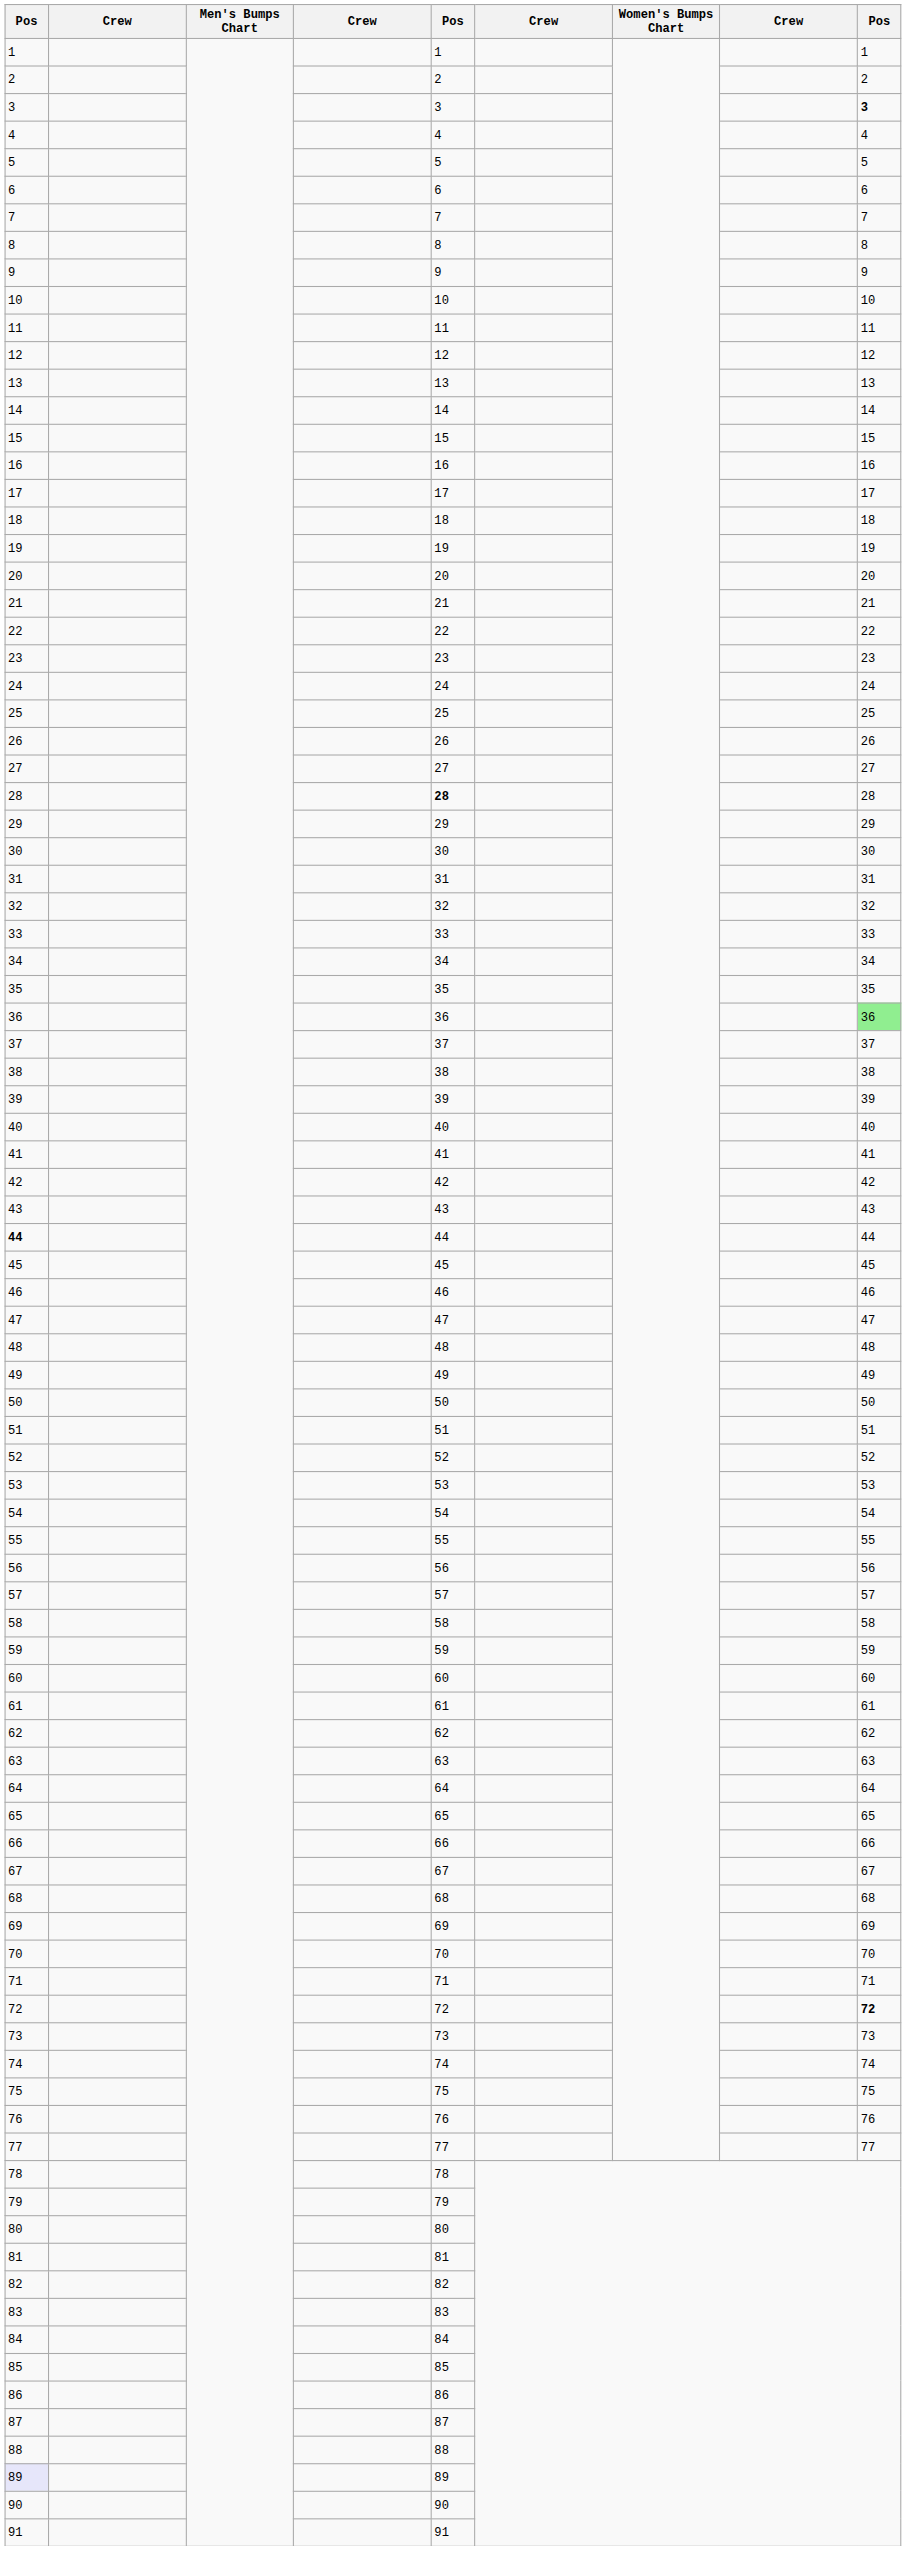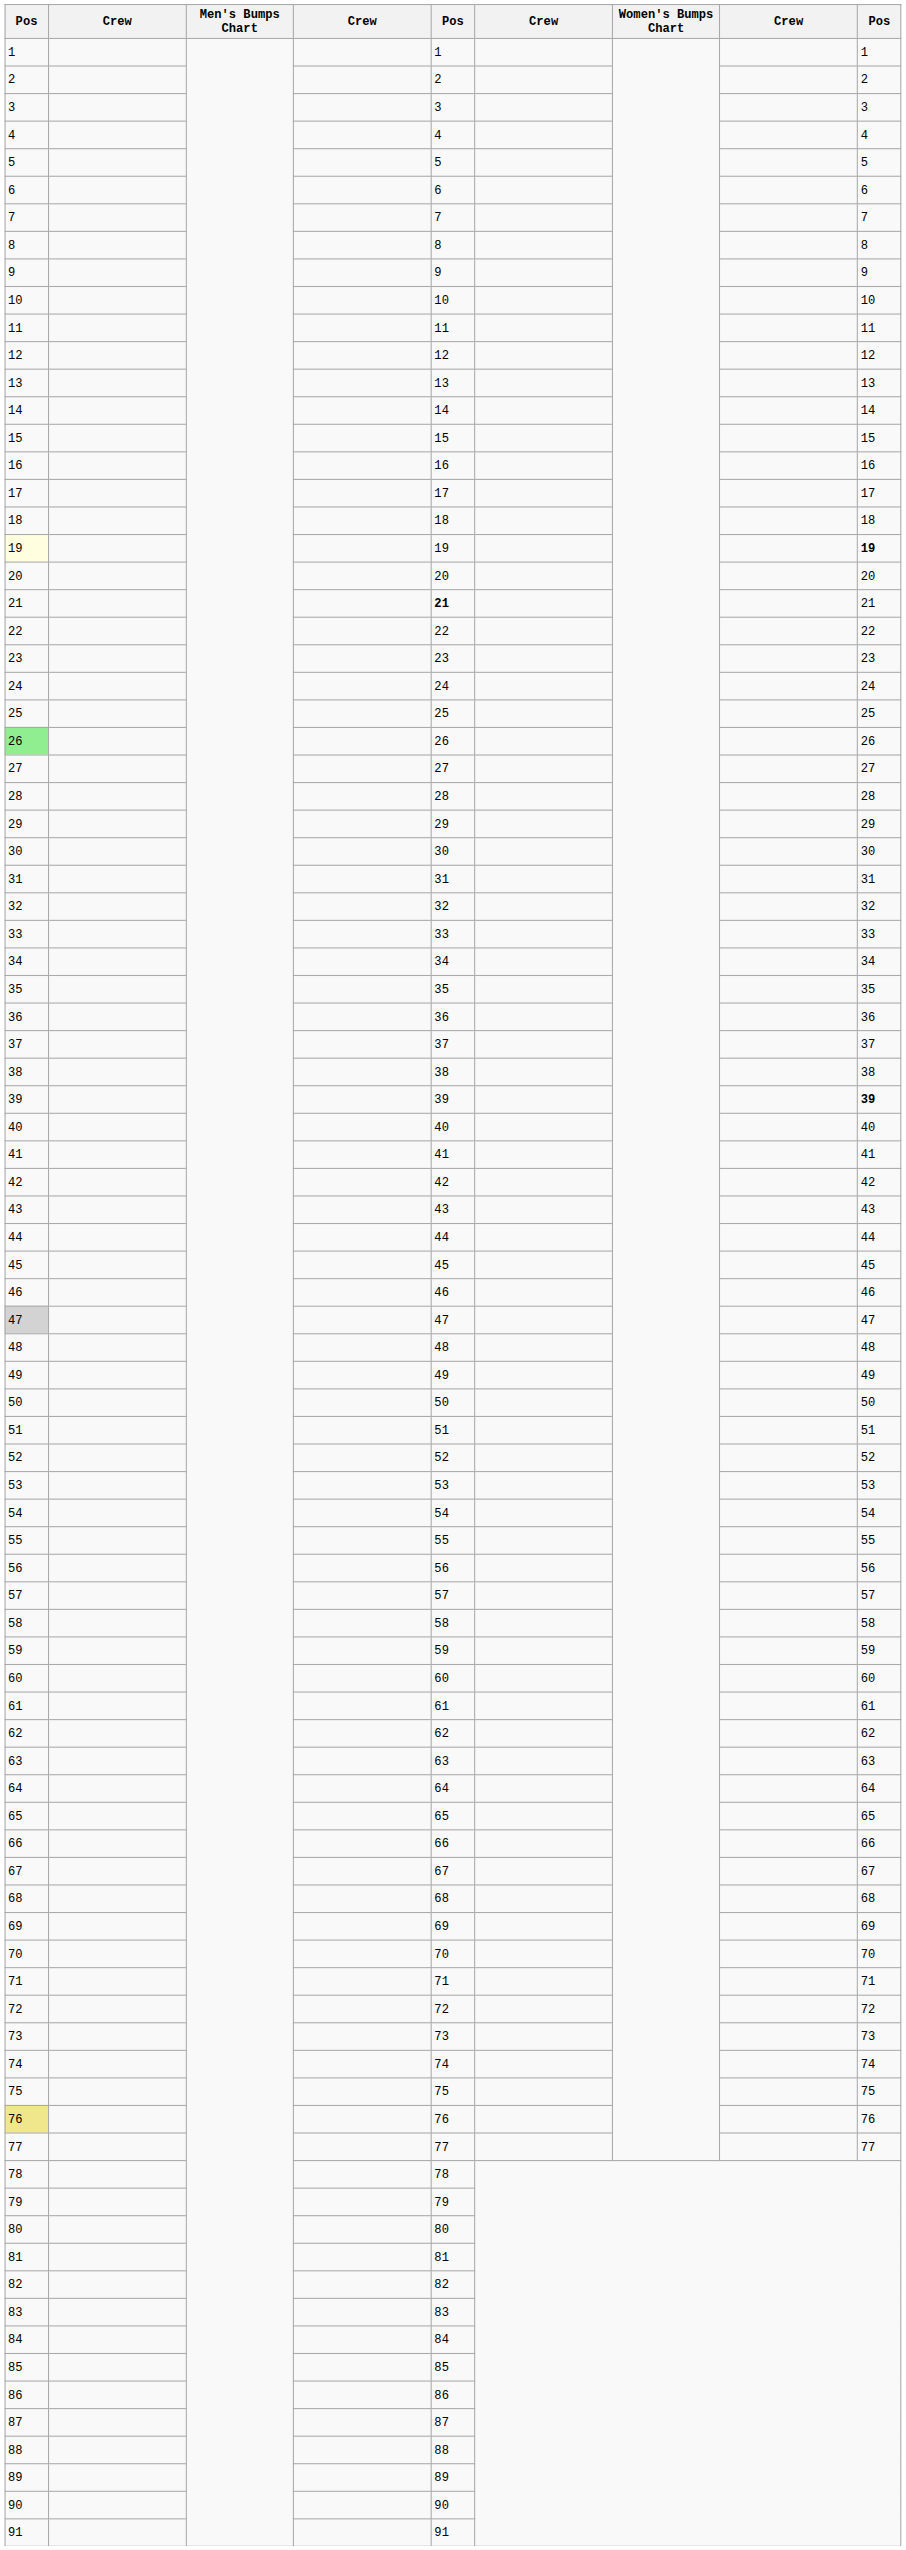 <table class="wikitable" style="font-size:88%; white-space:nowrap; margin:0.5em auto">
 <tr style="white-space:normal">
 <th width=35>Pos</th>
 <th width=125>Crew</th>
 <th width=95>Men's Bumps Chart</th>
 <th width=125>Crew</th>
 <th width=35>Pos</th>
 <th width=125>Crew</th>
 <th width=95>Women's Bumps Chart</th>
 <th width=125>Crew</th>
 <th width=35>Pos</th>
 </tr>
 <tr style="height:26px">
 <td>1</td>
 <td></td>
 <td rowspan="91" style="padding:0"></td>
 <td></td>
 <td>1</td>
 <td></td>
 <td rowspan="77" style="padding:0"></td>
 <td></td>
 <td>1</td>
 </tr>
 <tr style="height:26px">
 <td>2</td>
 <td></td>
 <td></td>
 <td>2</td>
 <td></td>
 <td></td>
 <td>2</td>
 </tr>
 <tr style="height:26px">
 <td>3</td>
 <td></td>
 <td></td>
 <td>3</td>
 <td></td>
 <td></td>
-<td><strong>3</strong></td>
+<td>3</td>
 </tr>
 <tr style="height:26px">
 <td>4</td>
 <td></td>
 <td></td>
 <td>4</td>
 <td></td>
 <td></td>
 <td>4</td>
 </tr>
 <tr style="height:26px">
 <td>5</td>
 <td></td>
 <td></td>
 <td>5</td>
 <td></td>
 <td></td>
 <td>5</td>
 </tr>
 <tr style="height:26px">
 <td>6</td>
 <td></td>
 <td></td>
 <td>6</td>
 <td></td>
 <td></td>
 <td>6</td>
 </tr>
 <tr style="height:26px">
 <td>7</td>
 <td></td>
 <td></td>
 <td>7</td>
 <td></td>
 <td></td>
 <td>7</td>
 </tr>
 <tr style="height:26px">
 <td>8</td>
 <td></td>
 <td></td>
 <td>8</td>
 <td></td>
 <td></td>
 <td>8</td>
 </tr>
 <tr style="height:26px">
 <td>9</td>
 <td></td>
 <td></td>
 <td>9</td>
 <td></td>
 <td></td>
 <td>9</td>
 </tr>
 <tr style="height:26px">
 <td>10</td>
 <td></td>
 <td></td>
 <td>10</td>
 <td></td>
 <td></td>
 <td>10</td>
 </tr>
 <tr style="height:26px">
 <td>11</td>
 <td></td>
 <td></td>
 <td>11</td>
 <td></td>
 <td></td>
 <td>11</td>
 </tr>
 <tr style="height:26px">
 <td>12</td>
 <td></td>
 <td></td>
 <td>12</td>
 <td></td>
 <td></td>
 <td>12</td>
 </tr>
 <tr style="height:26px">
 <td>13</td>
 <td></td>
 <td></td>
 <td>13</td>
 <td></td>
 <td></td>
 <td>13</td>
 </tr>
 <tr style="height:26px">
 <td>14</td>
 <td></td>
 <td></td>
 <td>14</td>
 <td></td>
 <td></td>
 <td>14</td>
 </tr>
 <tr style="height:26px">
 <td>15</td>
 <td></td>
 <td></td>
 <td>15</td>
 <td></td>
 <td></td>
 <td>15</td>
 </tr>
 <tr style="height:26px">
 <td>16</td>
 <td></td>
 <td></td>
 <td>16</td>
 <td></td>
 <td></td>
 <td>16</td>
 </tr>
 <tr style="height:26px">
 <td>17</td>
 <td></td>
 <td></td>
 <td>17</td>
 <td></td>
 <td></td>
 <td>17</td>
 </tr>
 <tr style="height:26px">
 <td>18</td>
 <td></td>
 <td></td>
 <td>18</td>
 <td></td>
 <td></td>
 <td>18</td>
 </tr>
 <tr style="height:26px">
-<td>19</td>
+<td style="background: lightyellow;">19</td>
 <td></td>
 <td></td>
 <td>19</td>
 <td></td>
 <td></td>
-<td>19</td>
+<td><strong>19</strong></td>
 </tr>
 <tr style="height:26px">
 <td>20</td>
 <td></td>
 <td></td>
 <td>20</td>
 <td></td>
 <td></td>
 <td>20</td>
 </tr>
 <tr style="height:26px">
 <td>21</td>
 <td></td>
 <td></td>
-<td>21</td>
+<td><strong>21</strong></td>
 <td></td>
 <td></td>
 <td>21</td>
 </tr>
 <tr style="height:26px">
 <td>22</td>
 <td></td>
 <td></td>
 <td>22</td>
 <td></td>
 <td></td>
 <td>22</td>
 </tr>
 <tr style="height:26px">
 <td>23</td>
 <td></td>
 <td></td>
 <td>23</td>
 <td></td>
 <td></td>
 <td>23</td>
 </tr>
 <tr style="height:26px">
 <td>24</td>
 <td></td>
 <td></td>
 <td>24</td>
 <td></td>
 <td></td>
 <td>24</td>
 </tr>
 <tr style="height:26px">
 <td>25</td>
 <td></td>
 <td></td>
 <td>25</td>
 <td></td>
 <td></td>
 <td>25</td>
 </tr>
 <tr style="height:26px">
-<td>26</td>
+<td style="background: lightgreen;">26</td>
 <td></td>
 <td></td>
 <td>26</td>
 <td></td>
 <td></td>
 <td>26</td>
 </tr>
 <tr style="height:26px">
 <td>27</td>
 <td></td>
 <td></td>
 <td>27</td>
 <td></td>
 <td></td>
 <td>27</td>
 </tr>
 <tr style="height:26px">
 <td>28</td>
 <td></td>
 <td></td>
-<td><strong>28</strong></td>
+<td>28</td>
 <td></td>
 <td></td>
 <td>28</td>
 </tr>
 <tr style="height:26px">
 <td>29</td>
 <td></td>
 <td></td>
 <td>29</td>
 <td></td>
 <td></td>
 <td>29</td>
 </tr>
 <tr style="height:26px">
 <td>30</td>
 <td></td>
 <td></td>
 <td>30</td>
 <td></td>
 <td></td>
 <td>30</td>
 </tr>
 <tr style="height:26px">
 <td>31</td>
 <td></td>
 <td></td>
 <td>31</td>
 <td></td>
 <td></td>
 <td>31</td>
 </tr>
 <tr style="height:26px">
 <td>32</td>
 <td></td>
 <td></td>
 <td>32</td>
 <td></td>
 <td></td>
 <td>32</td>
 </tr>
 <tr style="height:26px">
 <td>33</td>
 <td></td>
 <td></td>
 <td>33</td>
 <td></td>
 <td></td>
 <td>33</td>
 </tr>
 <tr style="height:26px">
 <td>34</td>
 <td></td>
 <td></td>
 <td>34</td>
 <td></td>
 <td></td>
 <td>34</td>
 </tr>
 <tr style="height:26px">
 <td>35</td>
 <td></td>
 <td></td>
 <td>35</td>
 <td></td>
 <td></td>
 <td>35</td>
 </tr>
 <tr style="height:26px">
 <td>36</td>
 <td></td>
 <td></td>
 <td>36</td>
 <td></td>
 <td></td>
-<td style="background: lightgreen;">36</td>
+<td>36</td>
 </tr>
 <tr style="height:26px">
 <td>37</td>
 <td></td>
 <td></td>
 <td>37</td>
 <td></td>
 <td></td>
 <td>37</td>
 </tr>
 <tr style="height:26px">
 <td>38</td>
 <td></td>
 <td></td>
 <td>38</td>
 <td></td>
 <td></td>
 <td>38</td>
 </tr>
 <tr style="height:26px">
 <td>39</td>
 <td></td>
 <td></td>
 <td>39</td>
 <td></td>
 <td></td>
-<td>39</td>
+<td><strong>39</strong></td>
 </tr>
 <tr style="height:26px">
 <td>40</td>
 <td></td>
 <td></td>
 <td>40</td>
 <td></td>
 <td></td>
 <td>40</td>
 </tr>
 <tr style="height:26px">
 <td>41</td>
 <td></td>
 <td></td>
 <td>41</td>
 <td></td>
 <td></td>
 <td>41</td>
 </tr>
 <tr style="height:26px">
 <td>42</td>
 <td></td>
 <td></td>
 <td>42</td>
 <td></td>
 <td></td>
 <td>42</td>
 </tr>
 <tr style="height:26px">
 <td>43</td>
 <td></td>
 <td></td>
 <td>43</td>
 <td></td>
 <td></td>
 <td>43</td>
 </tr>
 <tr style="height:26px">
-<td><strong>44</strong></td>
+<td>44</td>
 <td></td>
 <td></td>
 <td>44</td>
 <td></td>
 <td></td>
 <td>44</td>
 </tr>
 <tr style="height:26px">
 <td>45</td>
 <td></td>
 <td></td>
 <td>45</td>
 <td></td>
 <td></td>
 <td>45</td>
 </tr>
 <tr style="height:26px">
 <td>46</td>
 <td></td>
 <td></td>
 <td>46</td>
 <td></td>
 <td></td>
 <td>46</td>
 </tr>
 <tr style="height:26px">
-<td>47</td>
+<td style="background: lightgrey;">47</td>
 <td></td>
 <td></td>
 <td>47</td>
 <td></td>
 <td></td>
 <td>47</td>
 </tr>
 <tr style="height:26px">
 <td>48</td>
 <td></td>
 <td></td>
 <td>48</td>
 <td></td>
 <td></td>
 <td>48</td>
 </tr>
 <tr style="height:26px">
 <td>49</td>
 <td></td>
 <td></td>
 <td>49</td>
 <td></td>
 <td></td>
 <td>49</td>
 </tr>
 <tr style="height:26px">
 <td>50</td>
 <td></td>
 <td></td>
 <td>50</td>
 <td></td>
 <td></td>
 <td>50</td>
 </tr>
 <tr style="height:26px">
 <td>51</td>
 <td></td>
 <td></td>
 <td>51</td>
 <td></td>
 <td></td>
 <td>51</td>
 </tr>
 <tr style="height:26px">
 <td>52</td>
 <td></td>
 <td></td>
 <td>52</td>
 <td></td>
 <td></td>
 <td>52</td>
 </tr>
 <tr style="height:26px">
 <td>53</td>
 <td></td>
 <td></td>
 <td>53</td>
 <td></td>
 <td></td>
 <td>53</td>
 </tr>
 <tr style="height:26px">
 <td>54</td>
 <td></td>
 <td></td>
 <td>54</td>
 <td></td>
 <td></td>
 <td>54</td>
 </tr>
 <tr style="height:26px">
 <td>55</td>
 <td></td>
 <td></td>
 <td>55</td>
 <td></td>
 <td></td>
 <td>55</td>
 </tr>
 <tr style="height:26px">
 <td>56</td>
 <td></td>
 <td></td>
 <td>56</td>
 <td></td>
 <td></td>
 <td>56</td>
 </tr>
 <tr style="height:26px">
 <td>57</td>
 <td></td>
 <td></td>
 <td>57</td>
 <td></td>
 <td></td>
 <td>57</td>
 </tr>
 <tr style="height:26px">
 <td>58</td>
 <td></td>
 <td></td>
 <td>58</td>
 <td></td>
 <td></td>
 <td>58</td>
 </tr>
 <tr style="height:26px">
 <td>59</td>
 <td></td>
 <td></td>
 <td>59</td>
 <td></td>
 <td></td>
 <td>59</td>
 </tr>
 <tr style="height:26px">
 <td>60</td>
 <td></td>
 <td></td>
 <td>60</td>
 <td></td>
 <td></td>
 <td>60</td>
 </tr>
 <tr style="height:26px">
 <td>61</td>
 <td></td>
 <td></td>
 <td>61</td>
 <td></td>
 <td></td>
 <td>61</td>
 </tr>
 <tr style="height:26px">
 <td>62</td>
 <td></td>
 <td></td>
 <td>62</td>
 <td></td>
 <td></td>
 <td>62</td>
 </tr>
 <tr style="height:26px">
 <td>63</td>
 <td></td>
 <td></td>
 <td>63</td>
 <td></td>
 <td></td>
 <td>63</td>
 </tr>
 <tr style="height:26px">
 <td>64</td>
 <td></td>
 <td></td>
 <td>64</td>
 <td></td>
 <td></td>
 <td>64</td>
 </tr>
 <tr style="height:26px">
 <td>65</td>
 <td></td>
 <td></td>
 <td>65</td>
 <td></td>
 <td></td>
 <td>65</td>
 </tr>
 <tr style="height:26px">
 <td>66</td>
 <td></td>
 <td></td>
 <td>66</td>
 <td></td>
 <td></td>
 <td>66</td>
 </tr>
 <tr style="height:26px">
 <td>67</td>
 <td></td>
 <td></td>
 <td>67</td>
 <td></td>
 <td></td>
 <td>67</td>
 </tr>
 <tr style="height:26px">
 <td>68</td>
 <td></td>
 <td></td>
 <td>68</td>
 <td></td>
 <td></td>
 <td>68</td>
 </tr>
 <tr style="height:26px">
 <td>69</td>
 <td></td>
 <td></td>
 <td>69</td>
 <td></td>
 <td></td>
 <td>69</td>
 </tr>
 <tr style="height:26px">
 <td>70</td>
 <td></td>
 <td></td>
 <td>70</td>
 <td></td>
 <td></td>
 <td>70</td>
 </tr>
 <tr style="height:26px">
 <td>71</td>
 <td></td>
 <td></td>
 <td>71</td>
 <td></td>
 <td></td>
 <td>71</td>
 </tr>
 <tr style="height:26px">
 <td>72</td>
 <td></td>
 <td></td>
 <td>72</td>
 <td></td>
 <td></td>
-<td><strong>72</strong></td>
+<td>72</td>
 </tr>
 <tr style="height:26px">
 <td>73</td>
 <td></td>
 <td></td>
 <td>73</td>
 <td></td>
 <td></td>
 <td>73</td>
 </tr>
 <tr style="height:26px">
 <td>74</td>
 <td></td>
 <td></td>
 <td>74</td>
 <td></td>
 <td></td>
 <td>74</td>
 </tr>
 <tr style="height:26px">
 <td>75</td>
 <td></td>
 <td></td>
 <td>75</td>
 <td></td>
 <td></td>
 <td>75</td>
 </tr>
 <tr style="height:26px">
-<td>76</td>
+<td style="background: khaki;">76</td>
 <td></td>
 <td></td>
 <td>76</td>
 <td></td>
 <td></td>
 <td>76</td>
 </tr>
 <tr style="height:26px">
 <td>77</td>
 <td></td>
 <td></td>
 <td>77</td>
 <td></td>
 <td></td>
 <td>77</td>
 </tr>
 <tr style="height:26px">
 <td>78</td>
 <td></td>
 <td></td>
 <td>78</td>
 <td colspan="4" rowspan="14"> </td>
 </tr>
 <tr style="height:26px">
 <td>79</td>
 <td></td>
 <td></td>
 <td>79</td>
 </tr>
 <tr style="height:26px">
 <td>80</td>
 <td></td>
 <td></td>
 <td>80</td>
 </tr>
 <tr style="height:26px">
 <td>81</td>
 <td></td>
 <td></td>
 <td>81</td>
 </tr>
 <tr style="height:26px">
 <td>82</td>
 <td></td>
 <td></td>
 <td>82</td>
 </tr>
 <tr style="height:26px">
 <td>83</td>
 <td></td>
 <td></td>
 <td>83</td>
 </tr>
 <tr style="height:26px">
 <td>84</td>
 <td></td>
 <td></td>
 <td>84</td>
 </tr>
 <tr style="height:26px">
 <td>85</td>
 <td></td>
 <td></td>
 <td>85</td>
 </tr>
 <tr style="height:26px">
 <td>86</td>
 <td></td>
 <td></td>
 <td>86</td>
 </tr>
 <tr style="height:26px">
 <td>87</td>
 <td></td>
 <td></td>
 <td>87</td>
 </tr>
 <tr style="height:26px">
 <td>88</td>
 <td></td>
 <td></td>
 <td>88</td>
 </tr>
 <tr style="height:26px">
-<td style="background: lavender;">89</td>
+<td>89</td>
 <td></td>
 <td></td>
 <td>89</td>
 </tr>
 <tr style="height:26px">
 <td>90</td>
 <td></td>
 <td></td>
 <td>90</td>
 </tr>
 <tr style="height:26px">
 <td>91</td>
 <td></td>
 <td></td>
 <td>91</td>
 </tr>
 <tr>
 </tr>
 </table>
